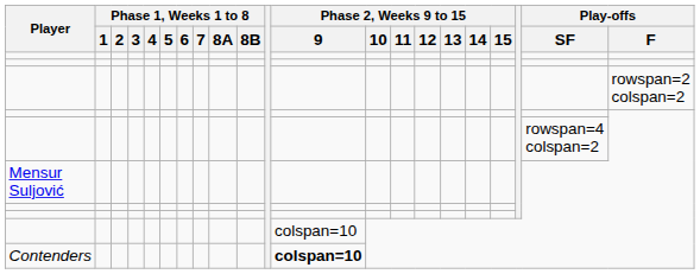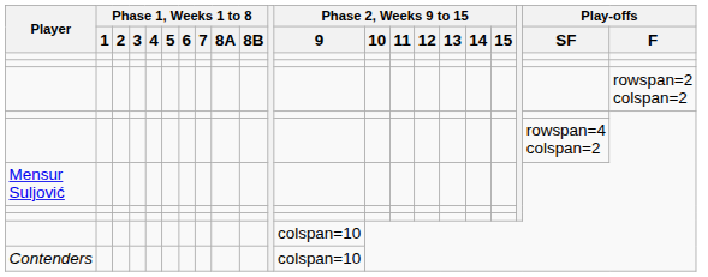 <table class="wikitable">
 <tr style="font-size:10pt;font-weight:bold">
 <th rowspan=2>Player</th>
 <th colspan=9>Phase 1, Weeks 1 to 8</th>
 <th rowspan=12></th>
 <th colspan=7>Phase 2, Weeks 9 to 15</th>
 <th rowspan=10></th>
 <th colspan=2 rowspan=1>Play-offs</th>
 </tr>
 <tr>
 <th style="width:15px;">1</th>
 <th style="width:15px;">2</th>
 <th style="width:15px;">3</th>
 <th style="width:15px;">4</th>
 <th style="width:15px;">5</th>
 <th style="width:15px;">6</th>
 <th style="width:15px;">7</th>
 <th style="width:15px;">8A</th>
 <th style="width:15px;">8B</th>
 <th style="width:15px;">9</th>
 <th style="width:15px;">10</th>
 <th style="width:15px;">11</th>
 <th style="width:15px;">12</th>
 <th style="width:15px;">13</th>
 <th style="width:15px;">14</th>
 <th style="width:15px;">15</th>
 <th style="width:25px;">SF</th>
 <th style="width:25px;">F</th>
 </tr>
 <tr>
 <td></td>
 <td></td>
 <td></td>
 <td></td>
 <td></td>
 <td></td>
 <td></td>
 <td></td>
 <td></td>
 <td></td>
 <td></td>
 <td></td>
 <td></td>
 <td></td>
 <td></td>
 <td></td>
 <td></td>
 <td></td>
 <td></td>
 </tr>
 <tr>
 <td></td>
 <td></td>
 <td></td>
 <td></td>
 <td></td>
 <td></td>
 <td></td>
 <td></td>
 <td></td>
 <td></td>
 <td></td>
 <td></td>
 <td></td>
 <td></td>
 <td></td>
 <td></td>
 <td></td>
 <td></td>
 <td></td>
 </tr>
 <tr>
 <td></td>
 <td></td>
 <td></td>
 <td></td>
 <td></td>
 <td></td>
 <td></td>
 <td></td>
 <td></td>
 <td></td>
 <td></td>
 <td></td>
 <td></td>
 <td></td>
 <td></td>
 <td></td>
 <td></td>
 <td></td>
 <td>rowspan=2 colspan=2 </td>
 </tr>
 <tr>
 <td></td>
 <td></td>
 <td></td>
 <td></td>
 <td></td>
 <td></td>
 <td></td>
 <td></td>
 <td></td>
 <td></td>
 <td></td>
 <td></td>
 <td></td>
 <td></td>
 <td></td>
 <td></td>
 <td></td>
 <td></td>
 </tr>
 <tr>
 <td></td>
 <td></td>
 <td></td>
 <td></td>
 <td></td>
 <td></td>
 <td></td>
 <td></td>
 <td></td>
 <td></td>
 <td></td>
 <td></td>
 <td></td>
 <td></td>
 <td></td>
 <td></td>
 <td></td>
 <td>rowspan=4 colspan=2 </td>
 </tr>
 <tr>
 <td> <a href='#'>Mensur Suljović</a></td>
 <td></td>
 <td></td>
 <td></td>
 <td></td>
 <td></td>
 <td></td>
 <td></td>
 <td></td>
 <td></td>
 <td></td>
 <td></td>
 <td></td>
 <td></td>
 <td></td>
 <td></td>
 <td></td>
 </tr>
 <tr>
 <td></td>
 <td></td>
 <td></td>
 <td></td>
 <td></td>
 <td></td>
 <td></td>
 <td></td>
 <td></td>
 <td></td>
 <td></td>
 <td></td>
 <td></td>
 <td></td>
 <td></td>
 <td></td>
 <td></td>
 </tr>
 <tr>
 <td></td>
 <td></td>
 <td></td>
 <td></td>
 <td></td>
 <td></td>
 <td></td>
 <td></td>
 <td></td>
 <td></td>
 <td></td>
 <td></td>
 <td></td>
 <td></td>
 <td></td>
 <td></td>
 <td></td>
 </tr>
 <tr>
 <td></td>
 <td></td>
 <td></td>
 <td></td>
 <td></td>
 <td></td>
 <td></td>
 <td></td>
 <td></td>
 <td></td>
 <td>colspan=10 </td>
 </tr>
 <tr>
 <td><em>Contenders</em></td>
 <td></td>
 <td></td>
 <td></td>
 <td></td>
 <td></td>
 <td></td>
 <td></td>
 <td></td>
 <td></td>
-<td><strong>colspan=10 </strong></td>
+<td>colspan=10 </td>
 </tr>
 </table>
